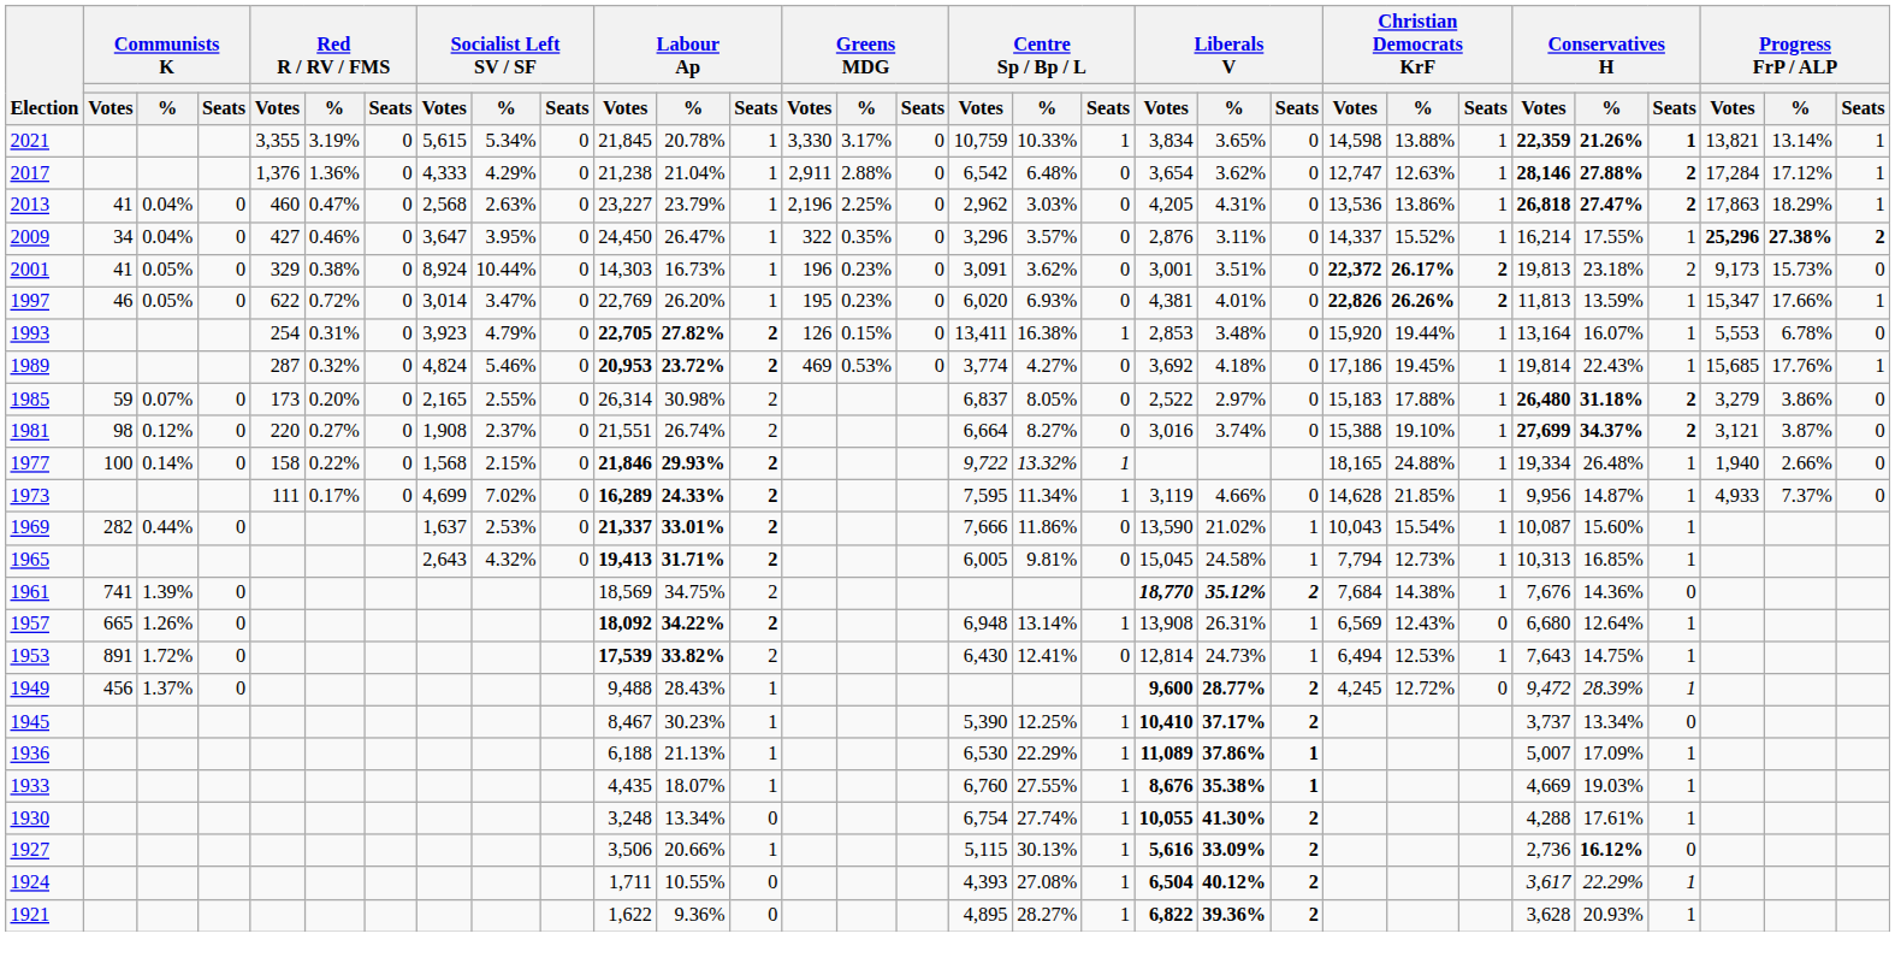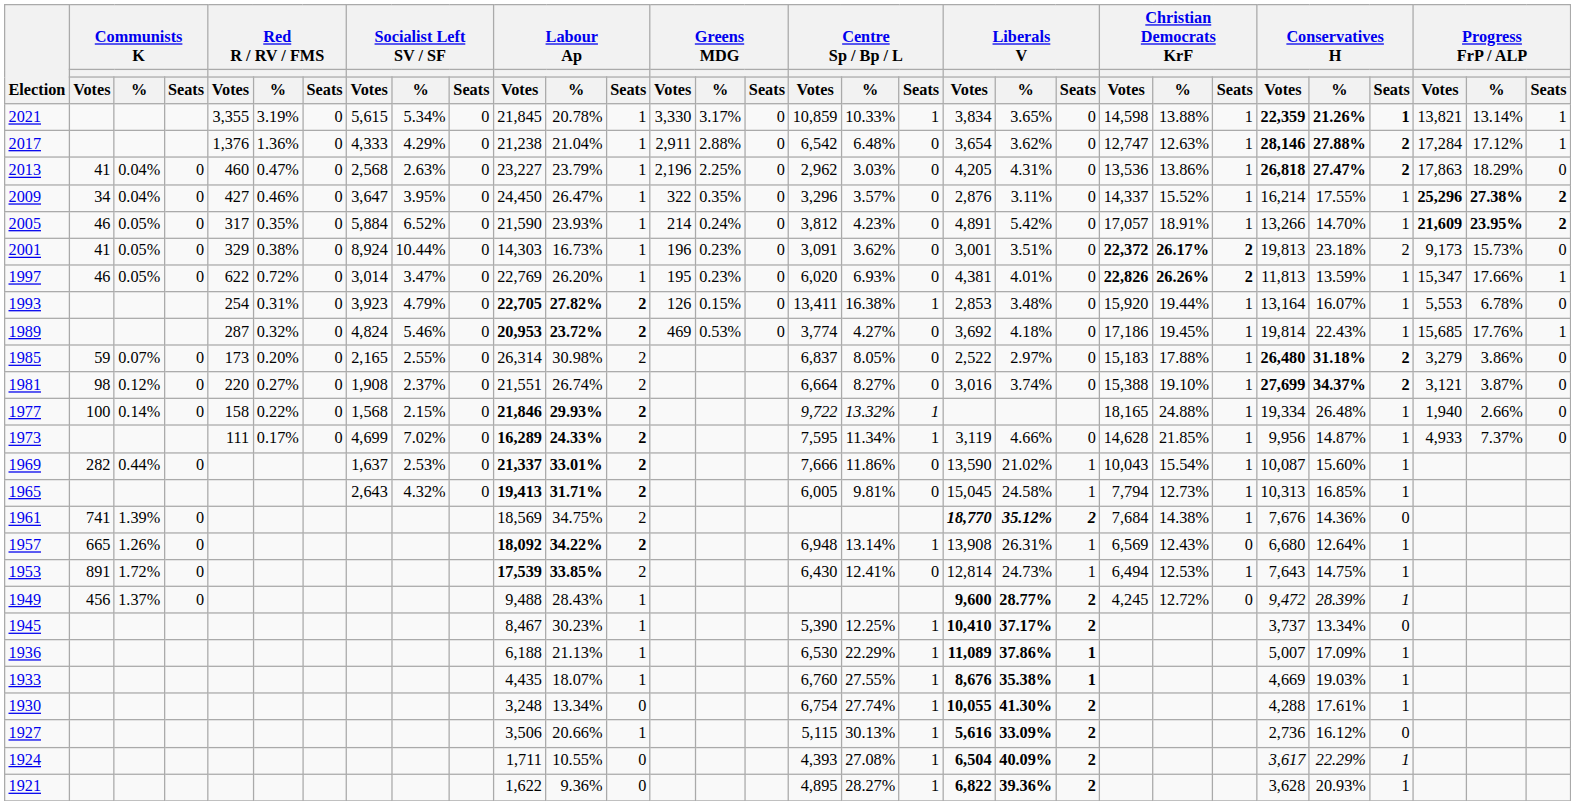 <table class="wikitable" border="1" style="font-size:80%; text-align:right;">
 <tr>
 <th style="text-align:left;" valign=bottom rowspan=3>Election</th>
 <th valign=bottom colspan=3><a href='#'>Communists</a><br>K</th>
 <th valign=bottom colspan=3><a href='#'>Red</a><br>R / RV / FMS</th>
 <th valign=bottom colspan=3><a href='#'>Socialist Left</a><br>SV / SF</th>
 <th valign=bottom colspan=3><a href='#'>Labour</a><br>Ap</th>
 <th valign=bottom colspan=3><a href='#'>Greens</a><br>MDG</th>
 <th valign=bottom colspan=3><a href='#'>Centre</a><br>Sp / Bp / L</th>
 <th valign=bottom colspan=3><a href='#'>Liberals</a><br>V</th>
 <th valign=bottom colspan=3><a href='#'>Christian<br>Democrats</a><br>KrF</th>
 <th valign=bottom colspan=3><a href='#'>Conservatives</a><br>H</th>
 <th valign=bottom colspan=3><a href='#'>Progress</a><br>FrP / ALP</th>
 </tr>
 <tr>
 <th colspan=3 style="background:"></th>
 <th colspan=3 style="background:"></th>
 <th colspan=3 style="background:"></th>
 <th colspan=3 style="background:"></th>
 <th colspan=3 style="background:"></th>
 <th colspan=3 style="background:"></th>
 <th colspan=3 style="background:"></th>
 <th colspan=3 style="background:"></th>
 <th colspan=3 style="background:"></th>
 <th colspan=3 style="background:"></th>
 </tr>
 <tr>
 <th>Votes</th>
 <th>%</th>
 <th>Seats</th>
 <th>Votes</th>
 <th>%</th>
 <th>Seats</th>
 <th>Votes</th>
 <th>%</th>
 <th>Seats</th>
 <th>Votes</th>
 <th>%</th>
 <th>Seats</th>
 <th>Votes</th>
 <th>%</th>
 <th>Seats</th>
 <th>Votes</th>
 <th>%</th>
 <th>Seats</th>
 <th>Votes</th>
 <th>%</th>
 <th>Seats</th>
 <th>Votes</th>
 <th>%</th>
 <th>Seats</th>
 <th>Votes</th>
 <th>%</th>
 <th>Seats</th>
 <th>Votes</th>
 <th>%</th>
 <th>Seats</th>
 </tr>
 <tr>
 <td align=left><a href='#'>2021</a></td>
 <td></td>
 <td></td>
 <td></td>
 <td>3,355</td>
 <td>3.19%</td>
 <td>0</td>
 <td>5,615</td>
 <td>5.34%</td>
 <td>0</td>
 <td>21,845</td>
 <td>20.78%</td>
 <td>1</td>
 <td>3,330</td>
 <td>3.17%</td>
 <td>0</td>
-<td>10,759</td>
+<td>10,859</td>
 <td>10.33%</td>
 <td>1</td>
 <td>3,834</td>
 <td>3.65%</td>
 <td>0</td>
 <td>14,598</td>
 <td>13.88%</td>
 <td>1</td>
 <td><strong>22,359</strong></td>
 <td><strong>21.26%</strong></td>
 <td><strong>1</strong></td>
 <td>13,821</td>
 <td>13.14%</td>
 <td>1</td>
 </tr>
 <tr>
 <td align=left><a href='#'>2017</a></td>
 <td></td>
 <td></td>
 <td></td>
 <td>1,376</td>
 <td>1.36%</td>
 <td>0</td>
 <td>4,333</td>
 <td>4.29%</td>
 <td>0</td>
 <td>21,238</td>
 <td>21.04%</td>
 <td>1</td>
 <td>2,911</td>
 <td>2.88%</td>
 <td>0</td>
 <td>6,542</td>
 <td>6.48%</td>
 <td>0</td>
 <td>3,654</td>
 <td>3.62%</td>
 <td>0</td>
 <td>12,747</td>
 <td>12.63%</td>
 <td>1</td>
 <td><strong>28,146</strong></td>
 <td><strong>27.88%</strong></td>
 <td><strong>2</strong></td>
 <td>17,284</td>
 <td>17.12%</td>
 <td>1</td>
 </tr>
 <tr>
 <td align=left><a href='#'>2013</a></td>
 <td>41</td>
 <td>0.04%</td>
 <td>0</td>
 <td>460</td>
 <td>0.47%</td>
 <td>0</td>
 <td>2,568</td>
 <td>2.63%</td>
 <td>0</td>
 <td>23,227</td>
 <td>23.79%</td>
 <td>1</td>
 <td>2,196</td>
 <td>2.25%</td>
 <td>0</td>
 <td>2,962</td>
 <td>3.03%</td>
 <td>0</td>
 <td>4,205</td>
 <td>4.31%</td>
 <td>0</td>
 <td>13,536</td>
 <td>13.86%</td>
 <td>1</td>
 <td><strong>26,818</strong></td>
 <td><strong>27.47%</strong></td>
 <td><strong>2</strong></td>
 <td>17,863</td>
 <td>18.29%</td>
-<td>1</td>
+<td>0</td>
 </tr>
 <tr>
 <td align=left><a href='#'>2009</a></td>
 <td>34</td>
 <td>0.04%</td>
 <td>0</td>
 <td>427</td>
 <td>0.46%</td>
 <td>0</td>
 <td>3,647</td>
 <td>3.95%</td>
 <td>0</td>
 <td>24,450</td>
 <td>26.47%</td>
 <td>1</td>
 <td>322</td>
 <td>0.35%</td>
 <td>0</td>
 <td>3,296</td>
 <td>3.57%</td>
 <td>0</td>
 <td>2,876</td>
 <td>3.11%</td>
 <td>0</td>
 <td>14,337</td>
 <td>15.52%</td>
 <td>1</td>
 <td>16,214</td>
 <td>17.55%</td>
 <td>1</td>
 <td><strong>25,296</strong></td>
 <td><strong>27.38%</strong></td>
+<td><strong>2</strong></td>
+</tr>
+<tr>
+<td align=left><a href='#'>2005</a></td>
+<td>46</td>
+<td>0.05%</td>
+<td>0</td>
+<td>317</td>
+<td>0.35%</td>
+<td>0</td>
+<td>5,884</td>
+<td>6.52%</td>
+<td>0</td>
+<td>21,590</td>
+<td>23.93%</td>
+<td>1</td>
+<td>214</td>
+<td>0.24%</td>
+<td>0</td>
+<td>3,812</td>
+<td>4.23%</td>
+<td>0</td>
+<td>4,891</td>
+<td>5.42%</td>
+<td>0</td>
+<td>17,057</td>
+<td>18.91%</td>
+<td>1</td>
+<td>13,266</td>
+<td>14.70%</td>
+<td>1</td>
+<td><strong>21,609</strong></td>
+<td><strong>23.95%</strong></td>
 <td><strong>2</strong></td>
 </tr>
 <tr>
 <td align=left><a href='#'>2001</a></td>
 <td>41</td>
 <td>0.05%</td>
 <td>0</td>
 <td>329</td>
 <td>0.38%</td>
 <td>0</td>
 <td>8,924</td>
 <td>10.44%</td>
 <td>0</td>
 <td>14,303</td>
 <td>16.73%</td>
 <td>1</td>
 <td>196</td>
 <td>0.23%</td>
 <td>0</td>
 <td>3,091</td>
 <td>3.62%</td>
 <td>0</td>
 <td>3,001</td>
 <td>3.51%</td>
 <td>0</td>
 <td><strong>22,372</strong></td>
 <td><strong>26.17%</strong></td>
 <td><strong>2</strong></td>
 <td>19,813</td>
 <td>23.18%</td>
 <td>2</td>
 <td>9,173</td>
 <td>15.73%</td>
 <td>0</td>
 </tr>
 <tr>
 <td align=left><a href='#'>1997</a></td>
 <td>46</td>
 <td>0.05%</td>
 <td>0</td>
 <td>622</td>
 <td>0.72%</td>
 <td>0</td>
 <td>3,014</td>
 <td>3.47%</td>
 <td>0</td>
 <td>22,769</td>
 <td>26.20%</td>
 <td>1</td>
 <td>195</td>
 <td>0.23%</td>
 <td>0</td>
 <td>6,020</td>
 <td>6.93%</td>
 <td>0</td>
 <td>4,381</td>
 <td>4.01%</td>
 <td>0</td>
 <td><strong>22,826</strong></td>
 <td><strong>26.26%</strong></td>
 <td><strong>2</strong></td>
 <td>11,813</td>
 <td>13.59%</td>
 <td>1</td>
 <td>15,347</td>
 <td>17.66%</td>
 <td>1</td>
 </tr>
 <tr>
 <td align=left><a href='#'>1993</a></td>
 <td></td>
 <td></td>
 <td></td>
 <td>254</td>
 <td>0.31%</td>
 <td>0</td>
 <td>3,923</td>
 <td>4.79%</td>
 <td>0</td>
 <td><strong>22,705</strong></td>
 <td><strong>27.82%</strong></td>
 <td><strong>2</strong></td>
 <td>126</td>
 <td>0.15%</td>
 <td>0</td>
 <td>13,411</td>
 <td>16.38%</td>
 <td>1</td>
 <td>2,853</td>
 <td>3.48%</td>
 <td>0</td>
 <td>15,920</td>
 <td>19.44%</td>
 <td>1</td>
 <td>13,164</td>
 <td>16.07%</td>
 <td>1</td>
 <td>5,553</td>
 <td>6.78%</td>
 <td>0</td>
 </tr>
 <tr>
 <td align=left><a href='#'>1989</a></td>
 <td></td>
 <td></td>
 <td></td>
 <td>287</td>
 <td>0.32%</td>
 <td>0</td>
 <td>4,824</td>
 <td>5.46%</td>
 <td>0</td>
 <td><strong>20,953</strong></td>
 <td><strong>23.72%</strong></td>
 <td><strong>2</strong></td>
 <td>469</td>
 <td>0.53%</td>
 <td>0</td>
 <td>3,774</td>
 <td>4.27%</td>
 <td>0</td>
 <td>3,692</td>
 <td>4.18%</td>
 <td>0</td>
 <td>17,186</td>
 <td>19.45%</td>
 <td>1</td>
 <td>19,814</td>
 <td>22.43%</td>
 <td>1</td>
 <td>15,685</td>
 <td>17.76%</td>
 <td>1</td>
 </tr>
 <tr>
 <td align=left><a href='#'>1985</a></td>
 <td>59</td>
 <td>0.07%</td>
 <td>0</td>
 <td>173</td>
 <td>0.20%</td>
 <td>0</td>
 <td>2,165</td>
 <td>2.55%</td>
 <td>0</td>
 <td>26,314</td>
 <td>30.98%</td>
 <td>2</td>
 <td></td>
 <td></td>
 <td></td>
 <td>6,837</td>
 <td>8.05%</td>
 <td>0</td>
 <td>2,522</td>
 <td>2.97%</td>
 <td>0</td>
 <td>15,183</td>
 <td>17.88%</td>
 <td>1</td>
 <td><strong>26,480</strong></td>
 <td><strong>31.18%</strong></td>
 <td><strong>2</strong></td>
 <td>3,279</td>
 <td>3.86%</td>
 <td>0</td>
 </tr>
 <tr>
 <td align=left><a href='#'>1981</a></td>
 <td>98</td>
 <td>0.12%</td>
 <td>0</td>
 <td>220</td>
 <td>0.27%</td>
 <td>0</td>
 <td>1,908</td>
 <td>2.37%</td>
 <td>0</td>
 <td>21,551</td>
 <td>26.74%</td>
 <td>2</td>
 <td></td>
 <td></td>
 <td></td>
 <td>6,664</td>
 <td>8.27%</td>
 <td>0</td>
 <td>3,016</td>
 <td>3.74%</td>
 <td>0</td>
 <td>15,388</td>
 <td>19.10%</td>
 <td>1</td>
 <td><strong>27,699</strong></td>
 <td><strong>34.37%</strong></td>
 <td><strong>2</strong></td>
 <td>3,121</td>
 <td>3.87%</td>
 <td>0</td>
 </tr>
 <tr>
 <td align=left><a href='#'>1977</a></td>
 <td>100</td>
 <td>0.14%</td>
 <td>0</td>
 <td>158</td>
 <td>0.22%</td>
 <td>0</td>
 <td>1,568</td>
 <td>2.15%</td>
 <td>0</td>
 <td><strong>21,846</strong></td>
 <td><strong>29.93%</strong></td>
 <td><strong>2</strong></td>
 <td></td>
 <td></td>
 <td></td>
 <td><em>9,722</em></td>
 <td><em>13.32%</em></td>
 <td><em>1</em></td>
 <td></td>
 <td></td>
 <td></td>
 <td>18,165</td>
 <td>24.88%</td>
 <td>1</td>
 <td>19,334</td>
 <td>26.48%</td>
 <td>1</td>
 <td>1,940</td>
 <td>2.66%</td>
 <td>0</td>
 </tr>
 <tr>
 <td align=left><a href='#'>1973</a></td>
 <td></td>
 <td></td>
 <td></td>
 <td>111</td>
 <td>0.17%</td>
 <td>0</td>
 <td>4,699</td>
 <td>7.02%</td>
 <td>0</td>
 <td><strong>16,289</strong></td>
 <td><strong>24.33%</strong></td>
 <td><strong>2</strong></td>
 <td></td>
 <td></td>
 <td></td>
 <td>7,595</td>
 <td>11.34%</td>
 <td>1</td>
 <td>3,119</td>
 <td>4.66%</td>
 <td>0</td>
 <td>14,628</td>
 <td>21.85%</td>
 <td>1</td>
 <td>9,956</td>
 <td>14.87%</td>
 <td>1</td>
 <td>4,933</td>
 <td>7.37%</td>
 <td>0</td>
 </tr>
 <tr>
 <td align=left><a href='#'>1969</a></td>
 <td>282</td>
 <td>0.44%</td>
 <td>0</td>
 <td></td>
 <td></td>
 <td></td>
 <td>1,637</td>
 <td>2.53%</td>
 <td>0</td>
 <td><strong>21,337</strong></td>
 <td><strong>33.01%</strong></td>
 <td><strong>2</strong></td>
 <td></td>
 <td></td>
 <td></td>
 <td>7,666</td>
 <td>11.86%</td>
 <td>0</td>
 <td>13,590</td>
 <td>21.02%</td>
 <td>1</td>
 <td>10,043</td>
 <td>15.54%</td>
 <td>1</td>
 <td>10,087</td>
 <td>15.60%</td>
 <td>1</td>
 <td></td>
 <td></td>
 <td></td>
 </tr>
 <tr>
 <td align=left><a href='#'>1965</a></td>
 <td></td>
 <td></td>
 <td></td>
 <td></td>
 <td></td>
 <td></td>
 <td>2,643</td>
 <td>4.32%</td>
 <td>0</td>
 <td><strong>19,413</strong></td>
 <td><strong>31.71%</strong></td>
 <td><strong>2</strong></td>
 <td></td>
 <td></td>
 <td></td>
 <td>6,005</td>
 <td>9.81%</td>
 <td>0</td>
 <td>15,045</td>
 <td>24.58%</td>
 <td>1</td>
 <td>7,794</td>
 <td>12.73%</td>
 <td>1</td>
 <td>10,313</td>
 <td>16.85%</td>
 <td>1</td>
 <td></td>
 <td></td>
 <td></td>
 </tr>
 <tr>
 <td align=left><a href='#'>1961</a></td>
 <td>741</td>
 <td>1.39%</td>
 <td>0</td>
 <td></td>
 <td></td>
 <td></td>
 <td></td>
 <td></td>
 <td></td>
 <td>18,569</td>
 <td>34.75%</td>
 <td>2</td>
 <td></td>
 <td></td>
 <td></td>
 <td></td>
 <td></td>
 <td></td>
 <td><strong><em>18,770</em></strong></td>
 <td><strong><em>35.12%</em></strong></td>
 <td><strong><em>2</em></strong></td>
 <td>7,684</td>
 <td>14.38%</td>
 <td>1</td>
 <td>7,676</td>
 <td>14.36%</td>
 <td>0</td>
 <td></td>
 <td></td>
 <td></td>
 </tr>
 <tr>
 <td align=left><a href='#'>1957</a></td>
 <td>665</td>
 <td>1.26%</td>
 <td>0</td>
 <td></td>
 <td></td>
 <td></td>
 <td></td>
 <td></td>
 <td></td>
 <td><strong>18,092</strong></td>
 <td><strong>34.22%</strong></td>
 <td><strong>2</strong></td>
 <td></td>
 <td></td>
 <td></td>
 <td>6,948</td>
 <td>13.14%</td>
 <td>1</td>
 <td>13,908</td>
 <td>26.31%</td>
 <td>1</td>
 <td>6,569</td>
 <td>12.43%</td>
 <td>0</td>
 <td>6,680</td>
 <td>12.64%</td>
 <td>1</td>
 <td></td>
 <td></td>
 <td></td>
 </tr>
 <tr>
 <td align=left><a href='#'>1953</a></td>
 <td>891</td>
 <td>1.72%</td>
 <td>0</td>
 <td></td>
 <td></td>
 <td></td>
 <td></td>
 <td></td>
 <td></td>
 <td><strong>17,539</strong></td>
-<td><strong>33.82%</strong></td>
+<td><strong>33.85%</strong></td>
 <td>2</td>
 <td></td>
 <td></td>
 <td></td>
 <td>6,430</td>
 <td>12.41%</td>
 <td>0</td>
 <td>12,814</td>
 <td>24.73%</td>
 <td>1</td>
 <td>6,494</td>
 <td>12.53%</td>
 <td>1</td>
 <td>7,643</td>
 <td>14.75%</td>
 <td>1</td>
 <td></td>
 <td></td>
 <td></td>
 </tr>
 <tr>
 <td align=left><a href='#'>1949</a></td>
 <td>456</td>
 <td>1.37%</td>
 <td>0</td>
 <td></td>
 <td></td>
 <td></td>
 <td></td>
 <td></td>
 <td></td>
 <td>9,488</td>
 <td>28.43%</td>
 <td>1</td>
 <td></td>
 <td></td>
 <td></td>
 <td></td>
 <td></td>
 <td></td>
 <td><strong>9,600</strong></td>
 <td><strong>28.77%</strong></td>
 <td><strong>2</strong></td>
 <td>4,245</td>
 <td>12.72%</td>
 <td>0</td>
 <td><em>9,472</em></td>
 <td><em>28.39%</em></td>
 <td><em>1</em></td>
 <td></td>
 <td></td>
 <td></td>
 </tr>
 <tr>
 <td align=left><a href='#'>1945</a></td>
 <td></td>
 <td></td>
 <td></td>
 <td></td>
 <td></td>
 <td></td>
 <td></td>
 <td></td>
 <td></td>
 <td>8,467</td>
 <td>30.23%</td>
 <td>1</td>
 <td></td>
 <td></td>
 <td></td>
 <td>5,390</td>
 <td>12.25%</td>
 <td>1</td>
 <td><strong>10,410</strong></td>
 <td><strong>37.17%</strong></td>
 <td><strong>2</strong></td>
 <td></td>
 <td></td>
 <td></td>
 <td>3,737</td>
 <td>13.34%</td>
 <td>0</td>
 <td></td>
 <td></td>
 <td></td>
 </tr>
 <tr>
 <td align=left><a href='#'>1936</a></td>
 <td></td>
 <td></td>
 <td></td>
 <td></td>
 <td></td>
 <td></td>
 <td></td>
 <td></td>
 <td></td>
 <td>6,188</td>
 <td>21.13%</td>
 <td>1</td>
 <td></td>
 <td></td>
 <td></td>
 <td>6,530</td>
 <td>22.29%</td>
 <td>1</td>
 <td><strong>11,089</strong></td>
 <td><strong>37.86%</strong></td>
 <td><strong>1</strong></td>
 <td></td>
 <td></td>
 <td></td>
 <td>5,007</td>
 <td>17.09%</td>
 <td>1</td>
 <td></td>
 <td></td>
 <td></td>
 </tr>
 <tr>
 <td align=left><a href='#'>1933</a></td>
 <td></td>
 <td></td>
 <td></td>
 <td></td>
 <td></td>
 <td></td>
 <td></td>
 <td></td>
 <td></td>
 <td>4,435</td>
 <td>18.07%</td>
 <td>1</td>
 <td></td>
 <td></td>
 <td></td>
 <td>6,760</td>
 <td>27.55%</td>
 <td>1</td>
 <td><strong>8,676</strong></td>
 <td><strong>35.38%</strong></td>
 <td><strong>1</strong></td>
 <td></td>
 <td></td>
 <td></td>
 <td>4,669</td>
 <td>19.03%</td>
 <td>1</td>
 <td></td>
 <td></td>
 <td></td>
 </tr>
 <tr>
 <td align=left><a href='#'>1930</a></td>
 <td></td>
 <td></td>
 <td></td>
 <td></td>
 <td></td>
 <td></td>
 <td></td>
 <td></td>
 <td></td>
 <td>3,248</td>
 <td>13.34%</td>
 <td>0</td>
 <td></td>
 <td></td>
 <td></td>
 <td>6,754</td>
 <td>27.74%</td>
 <td>1</td>
 <td><strong>10,055</strong></td>
 <td><strong>41.30%</strong></td>
 <td><strong>2</strong></td>
 <td></td>
 <td></td>
 <td></td>
 <td>4,288</td>
 <td>17.61%</td>
 <td>1</td>
 <td></td>
 <td></td>
 <td></td>
 </tr>
 <tr>
 <td align=left><a href='#'>1927</a></td>
 <td></td>
 <td></td>
 <td></td>
 <td></td>
 <td></td>
 <td></td>
 <td></td>
 <td></td>
 <td></td>
 <td>3,506</td>
 <td>20.66%</td>
 <td>1</td>
 <td></td>
 <td></td>
 <td></td>
 <td>5,115</td>
 <td>30.13%</td>
 <td>1</td>
 <td><strong>5,616</strong></td>
 <td><strong>33.09%</strong></td>
 <td><strong>2</strong></td>
 <td></td>
 <td></td>
 <td></td>
 <td>2,736</td>
-<td><strong>16.12%</strong></td>
+<td>16.12%</td>
 <td>0</td>
 <td></td>
 <td></td>
 <td></td>
 </tr>
 <tr>
 <td align=left><a href='#'>1924</a></td>
 <td></td>
 <td></td>
 <td></td>
 <td></td>
 <td></td>
 <td></td>
 <td></td>
 <td></td>
 <td></td>
 <td>1,711</td>
 <td>10.55%</td>
 <td>0</td>
 <td></td>
 <td></td>
 <td></td>
 <td>4,393</td>
 <td>27.08%</td>
 <td>1</td>
 <td><strong>6,504</strong></td>
-<td><strong>40.12%</strong></td>
+<td><strong>40.09%</strong></td>
 <td><strong>2</strong></td>
 <td></td>
 <td></td>
 <td></td>
 <td><em>3,617</em></td>
 <td><em>22.29%</em></td>
 <td><em>1</em></td>
 <td></td>
 <td></td>
 <td></td>
 </tr>
 <tr>
 <td align=left><a href='#'>1921</a></td>
 <td></td>
 <td></td>
 <td></td>
 <td></td>
 <td></td>
 <td></td>
 <td></td>
 <td></td>
 <td></td>
 <td>1,622</td>
 <td>9.36%</td>
 <td>0</td>
 <td></td>
 <td></td>
 <td></td>
 <td>4,895</td>
 <td>28.27%</td>
 <td>1</td>
 <td><strong>6,822</strong></td>
 <td><strong>39.36%</strong></td>
 <td><strong>2</strong></td>
 <td></td>
 <td></td>
 <td></td>
 <td>3,628</td>
 <td>20.93%</td>
 <td>1</td>
 <td></td>
 <td></td>
 <td></td>
 </tr>
 </table>
